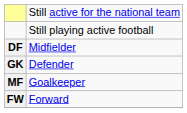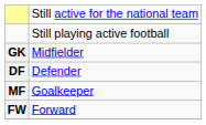 <table class="wikitable">
 <tr>
 <td style="background-color:#FFFF99"></td>
 <td>Still <a href='#'>active for the national team</a></td>
 </tr>
 <tr>
 <td></td>
 <td>Still playing active football</td>
 </tr>
 <tr>
-<th>DF</th>
+<th>GK</th>
 <td><a href='#'>Midfielder</a></td>
 </tr>
 <tr>
-<th>GK</th>
+<th>DF</th>
 <td><a href='#'>Defender</a></td>
 </tr>
 <tr>
 <th>MF</th>
 <td><a href='#'>Goalkeeper</a></td>
 </tr>
 <tr>
 <th>FW</th>
 <td><a href='#'>Forward</a></td>
 </tr>
 <tr>
 </tr>
 </table>
